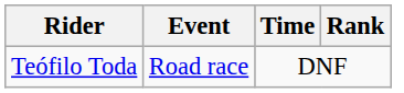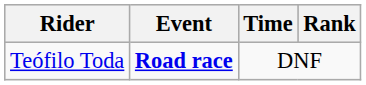 <table class="wikitable" border="1" style="font-size:90%">
 <tr>
 <th>Rider</th>
 <th>Event</th>
 <th>Time</th>
 <th>Rank</th>
 </tr>
 <tr align=center>
 <td align=left><a href='#'>Teófilo Toda</a></td>
-<td align=left><a href='#'>Road race</a></td>
+<td align=left><strong><a href='#'>Road race</a></strong></td>
 <td colspan=2>DNF</td>
 </tr>
 </table>
